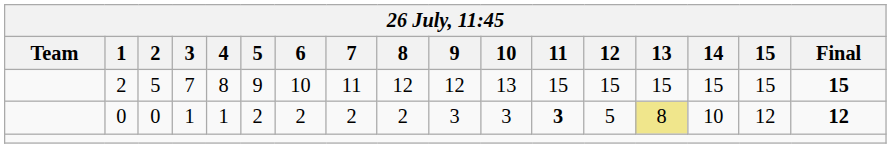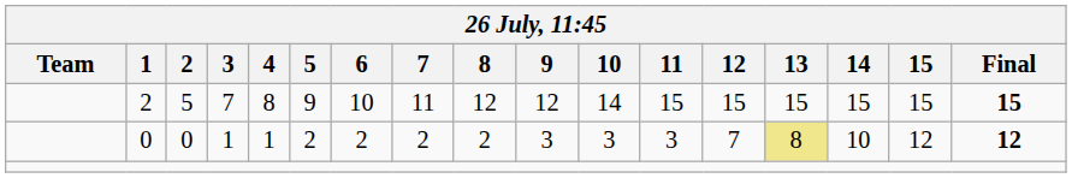 <table class=wikitable style="text-align:center; width: 55%">
 <tr>
 <th colspan=17><em>26 July, 11:45</em></th>
 </tr>
 <tr>
 <th>Team</th>
 <th>1</th>
 <th>2</th>
 <th>3</th>
 <th>4</th>
 <th>5</th>
 <th>6</th>
 <th>7</th>
 <th>8</th>
 <th>9</th>
 <th>10</th>
 <th>11</th>
 <th>12</th>
 <th>13</th>
 <th>14</th>
 <th>15</th>
 <th>Final</th>
 </tr>
 <tr>
 <td align=left><strong></strong></td>
 <td>2</td>
 <td>5</td>
 <td>7</td>
 <td>8</td>
 <td>9</td>
 <td>10</td>
 <td>11</td>
 <td>12</td>
 <td>12</td>
-<td>13</td>
+<td>14</td>
 <td>15</td>
 <td>15</td>
 <td>15</td>
 <td>15</td>
 <td>15</td>
 <td><strong>15</strong></td>
 </tr>
 <tr>
 <td align=left></td>
 <td>0</td>
 <td>0</td>
 <td>1</td>
 <td>1</td>
 <td>2</td>
 <td>2</td>
 <td>2</td>
 <td>2</td>
 <td>3</td>
 <td>3</td>
-<td><strong>3</strong></td>
-<td>5</td>
+<td>3</td>
+<td>7</td>
 <td style="background: khaki;">8</td>
 <td>10</td>
 <td>12</td>
 <td><strong>12</strong></td>
 </tr>
 <tr>
 <td colspan=17></td>
 </tr>
 </table>
